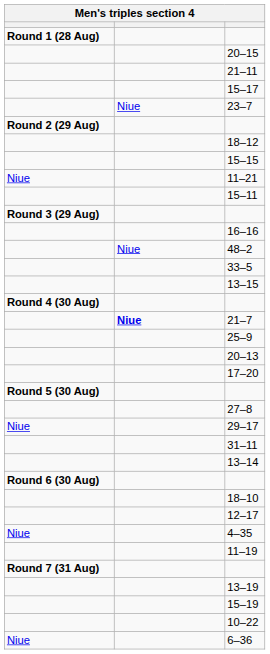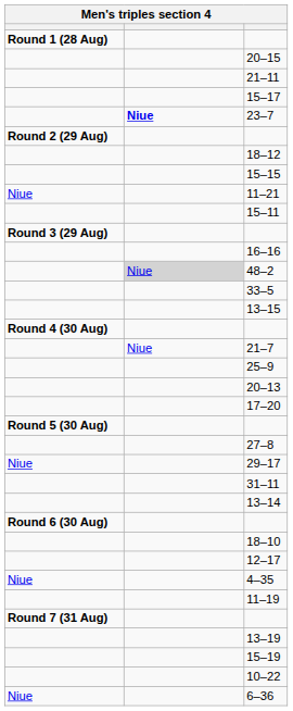 <table class="wikitable">
 <tr>
 <th colspan="3">Men's triples section 4</th>
 </tr>
 <tr>
 <th width=150></th>
 <th width=150></th>
 <th width=50></th>
 </tr>
 <tr>
 <td><strong>Round 1 (28 Aug)</strong></td>
 <td></td>
 <td></td>
 </tr>
 <tr>
 <td></td>
 <td></td>
 <td>20–15</td>
 </tr>
 <tr>
 <td></td>
 <td></td>
 <td>21–11</td>
 </tr>
 <tr>
 <td></td>
 <td></td>
 <td>15–17</td>
 </tr>
 <tr>
 <td></td>
-<td> <a href='#'>Niue</a></td>
+<td><strong> <a href='#'>Niue</a></strong></td>
 <td>23–7</td>
 </tr>
 <tr>
 <td><strong>Round 2 (29 Aug)</strong></td>
 <td></td>
 <td></td>
 </tr>
 <tr>
 <td></td>
 <td></td>
 <td>18–12</td>
 </tr>
 <tr>
 <td></td>
 <td></td>
 <td>15–15</td>
 </tr>
 <tr>
 <td> <a href='#'>Niue</a></td>
 <td></td>
 <td>11–21</td>
 </tr>
 <tr>
 <td></td>
 <td></td>
 <td>15–11</td>
 </tr>
 <tr>
 <td><strong>Round 3 (29 Aug)</strong></td>
 <td></td>
 <td></td>
 </tr>
 <tr>
 <td></td>
 <td></td>
 <td>16–16</td>
 </tr>
 <tr>
 <td></td>
-<td> <a href='#'>Niue</a></td>
+<td style="background: lightgrey;"> <a href='#'>Niue</a></td>
 <td>48–2</td>
 </tr>
 <tr>
 <td></td>
 <td></td>
 <td>33–5</td>
 </tr>
 <tr>
 <td></td>
 <td></td>
 <td>13–15</td>
 </tr>
 <tr>
 <td><strong>Round 4 (30 Aug)</strong></td>
 <td></td>
 <td></td>
 </tr>
 <tr>
 <td></td>
-<td><strong> <a href='#'>Niue</a></strong></td>
+<td> <a href='#'>Niue</a></td>
 <td>21–7</td>
 </tr>
 <tr>
 <td></td>
 <td></td>
 <td>25–9</td>
 </tr>
 <tr>
 <td></td>
 <td></td>
 <td>20–13</td>
 </tr>
 <tr>
 <td></td>
 <td></td>
 <td>17–20</td>
 </tr>
 <tr>
 <td><strong>Round 5 (30 Aug)</strong></td>
 <td></td>
 <td></td>
 </tr>
 <tr>
 <td></td>
 <td></td>
 <td>27–8</td>
 </tr>
 <tr>
 <td> <a href='#'>Niue</a></td>
 <td></td>
 <td>29–17</td>
 </tr>
 <tr>
 <td></td>
 <td></td>
 <td>31–11</td>
 </tr>
 <tr>
 <td></td>
 <td></td>
 <td>13–14</td>
 </tr>
 <tr>
 <td><strong>Round 6  (30 Aug)</strong></td>
 <td></td>
 <td></td>
 </tr>
 <tr>
 <td></td>
 <td></td>
 <td>18–10</td>
 </tr>
 <tr>
 <td></td>
 <td></td>
 <td>12–17</td>
 </tr>
 <tr>
 <td> <a href='#'>Niue</a></td>
 <td></td>
 <td>4–35</td>
 </tr>
 <tr>
 <td></td>
 <td></td>
 <td>11–19</td>
 </tr>
 <tr>
 <td><strong>Round 7 (31 Aug)</strong></td>
 <td></td>
 <td></td>
 </tr>
 <tr>
 <td></td>
 <td></td>
 <td>13–19</td>
 </tr>
 <tr>
 <td></td>
 <td></td>
 <td>15–19</td>
 </tr>
 <tr>
 <td></td>
 <td></td>
 <td>10–22</td>
 </tr>
 <tr>
 <td> <a href='#'>Niue</a></td>
 <td></td>
 <td>6–36</td>
 </tr>
 </table>
